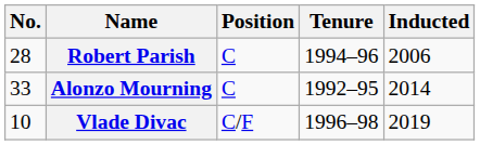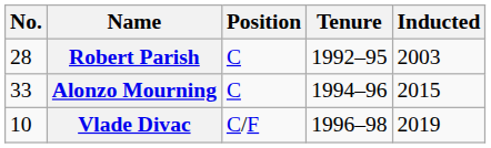 <table class="wikitable">
 <tr>
 <th scope="col">No.</th>
 <th scope="col">Name</th>
 <th scope="col">Position</th>
 <th scope="col">Tenure</th>
 <th scope="col">Inducted</th>
 </tr>
 <tr>
 <td>28</td>
 <th scope="row"><a href='#'>Robert Parish</a></th>
 <td><a href='#'>C</a></td>
-<td>1994–96</td>
-<td>2006</td>
+<td>1992–95</td>
+<td>2003</td>
 </tr>
 <tr>
 <td>33</td>
 <th scope="row"><a href='#'>Alonzo Mourning</a></th>
 <td><a href='#'>C</a></td>
-<td>1992–95</td>
-<td>2014</td>
+<td>1994–96</td>
+<td>2015</td>
 </tr>
 <tr>
 <td>10</td>
 <th scope="row"><a href='#'>Vlade Divac</a></th>
 <td><a href='#'>C</a>/<a href='#'>F</a></td>
 <td>1996–98</td>
 <td>2019</td>
 </tr>
 </table>
